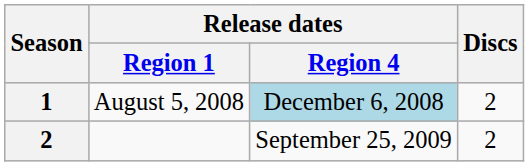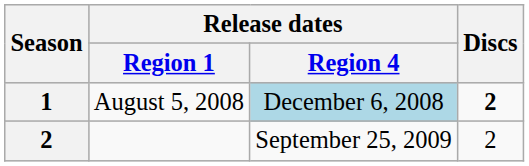 <table class="wikitable" style="text-align:center">
 <tr>
 <th rowspan="2">Season</th>
 <th colspan="2">Release dates</th>
 <th rowspan="2">Discs</th>
 </tr>
 <tr>
 <th><a href='#'>Region 1</a><br></th>
 <th><a href='#'>Region 4</a></th>
 </tr>
 <tr>
 <th>1</th>
 <td>August 5, 2008</td>
 <td style="background: lightblue;">December 6, 2008</td>
-<td>2</td>
+<td><strong>2</strong></td>
 </tr>
 <tr>
 <th>2</th>
 <td></td>
 <td>September 25, 2009</td>
 <td>2</td>
 </tr>
 </table>
